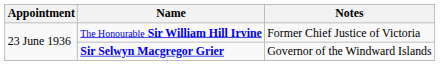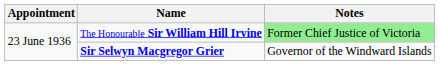 <table class="wikitable" style="margin: 1em auto 1em auto">
 <tr>
 <th>Appointment</th>
 <th>Name</th>
 <th>Notes</th>
 </tr>
 <tr>
 <td rowspan="2">23 June 1936</td>
 <td><a href='#'><small>The Honourable</small> <strong>Sir William Hill Irvine</strong></a></td>
-<td>Former Chief Justice of Victoria</td>
+<td style="background: lightgreen;">Former Chief Justice of Victoria</td>
 </tr>
 <tr>
 <td><strong><a href='#'>Sir Selwyn Macgregor Grier</a></strong></td>
 <td>Governor of the Windward Islands</td>
 </tr>
 </table>
